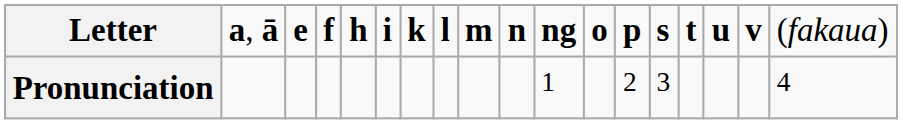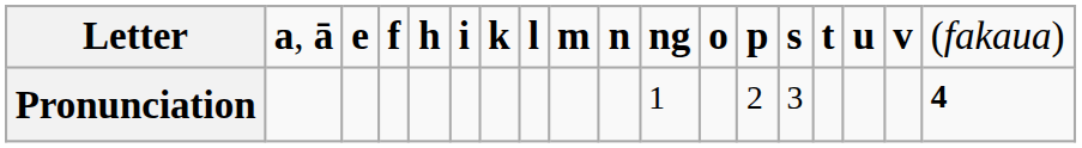 <table class="wikitable">
 <tr>
 <th>Letter</th>
 <td><strong>a</strong>, <strong>ā</strong></td>
 <td><strong>e</strong></td>
 <td><strong>f</strong></td>
 <td><strong>h</strong></td>
 <td><strong>i</strong></td>
 <td><strong>k</strong></td>
 <td><strong>l</strong></td>
 <td><strong>m</strong></td>
 <td><strong>n</strong></td>
 <td><strong>ng</strong></td>
 <td><strong>o</strong></td>
 <td><strong>p</strong></td>
 <td><strong>s</strong></td>
 <td><strong>t</strong></td>
 <td><strong>u</strong></td>
 <td><strong>v</strong></td>
 <td><strong></strong> (<em>fakaua</em>)</td>
 </tr>
 <tr>
 <th>Pronunciation</th>
 <td></td>
 <td> </td>
 <td></td>
 <td></td>
 <td></td>
 <td></td>
 <td></td>
 <td></td>
 <td></td>
 <td><sup>1</sup></td>
 <td></td>
 <td><sup>2</sup></td>
 <td><sup>3</sup></td>
 <td></td>
 <td></td>
 <td></td>
-<td><sup>4</sup></td>
+<td><strong><sup>4</sup></strong></td>
 </tr>
 </table>
